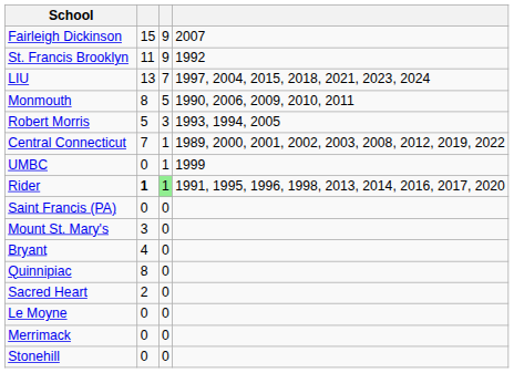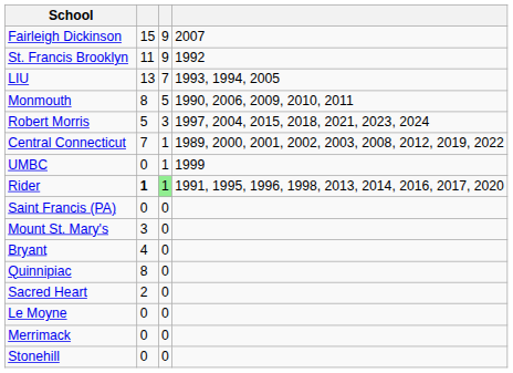 <table class="wikitable sortable" style="text-align: ;">
 <tr>
 <th width=150px>School</th>
 <th width=px></th>
 <th width=px></th>
 <th width=px></th>
 </tr>
 <tr>
 <td><a href='#'>Fairleigh Dickinson</a></td>
 <td>15</td>
 <td>9</td>
 <td>2007</td>
 </tr>
 <tr>
 <td><a href='#'>St. Francis Brooklyn</a> </td>
 <td>11</td>
 <td>9</td>
 <td>1992</td>
 </tr>
 <tr>
 <td><a href='#'>LIU</a> </td>
 <td>13</td>
 <td>7</td>
-<td>1997, 2004, 2015, 2018, 2021, 2023, 2024</td>
+<td>1993, 1994, 2005</td>
 </tr>
 <tr>
 <td><a href='#'>Monmouth</a> </td>
 <td>8</td>
 <td>5</td>
 <td>1990, 2006, 2009, 2010, 2011</td>
 </tr>
 <tr>
 <td><a href='#'>Robert Morris</a> </td>
 <td>5</td>
 <td>3</td>
-<td>1993, 1994, 2005</td>
+<td>1997, 2004, 2015, 2018, 2021, 2023, 2024</td>
 </tr>
 <tr>
 <td><a href='#'>Central Connecticut</a></td>
 <td>7</td>
 <td>1</td>
 <td>1989, 2000, 2001, 2002, 2003, 2008, 2012, 2019, 2022</td>
 </tr>
 <tr>
 <td><a href='#'>UMBC</a> </td>
 <td>0</td>
 <td>1</td>
 <td>1999</td>
 </tr>
 <tr>
 <td><a href='#'>Rider</a> </td>
 <td><strong>1</strong></td>
 <td style="background: lightgreen;">1</td>
 <td>1991, 1995, 1996, 1998, 2013, 2014, 2016, 2017, 2020</td>
 </tr>
 <tr>
 <td><a href='#'>Saint Francis (PA)</a></td>
 <td>0</td>
 <td>0</td>
 <td></td>
 </tr>
 <tr>
 <td><a href='#'>Mount St. Mary's</a> </td>
 <td>3</td>
 <td>0</td>
 <td></td>
 </tr>
 <tr>
 <td><a href='#'>Bryant</a> </td>
 <td>4</td>
 <td>0</td>
 <td></td>
 </tr>
 <tr>
 <td><a href='#'>Quinnipiac</a> </td>
 <td>8</td>
 <td>0</td>
 <td></td>
 </tr>
 <tr>
 <td><a href='#'>Sacred Heart</a></td>
 <td>2</td>
 <td>0</td>
 <td></td>
 </tr>
 <tr>
 <td><a href='#'>Le Moyne</a> </td>
 <td>0</td>
 <td>0</td>
 <td></td>
 </tr>
 <tr>
 <td><a href='#'>Merrimack</a> </td>
 <td>0</td>
 <td>0</td>
 <td></td>
 </tr>
 <tr>
 <td><a href='#'>Stonehill</a> </td>
 <td>0</td>
 <td>0</td>
 <td></td>
 </tr>
 </table>
